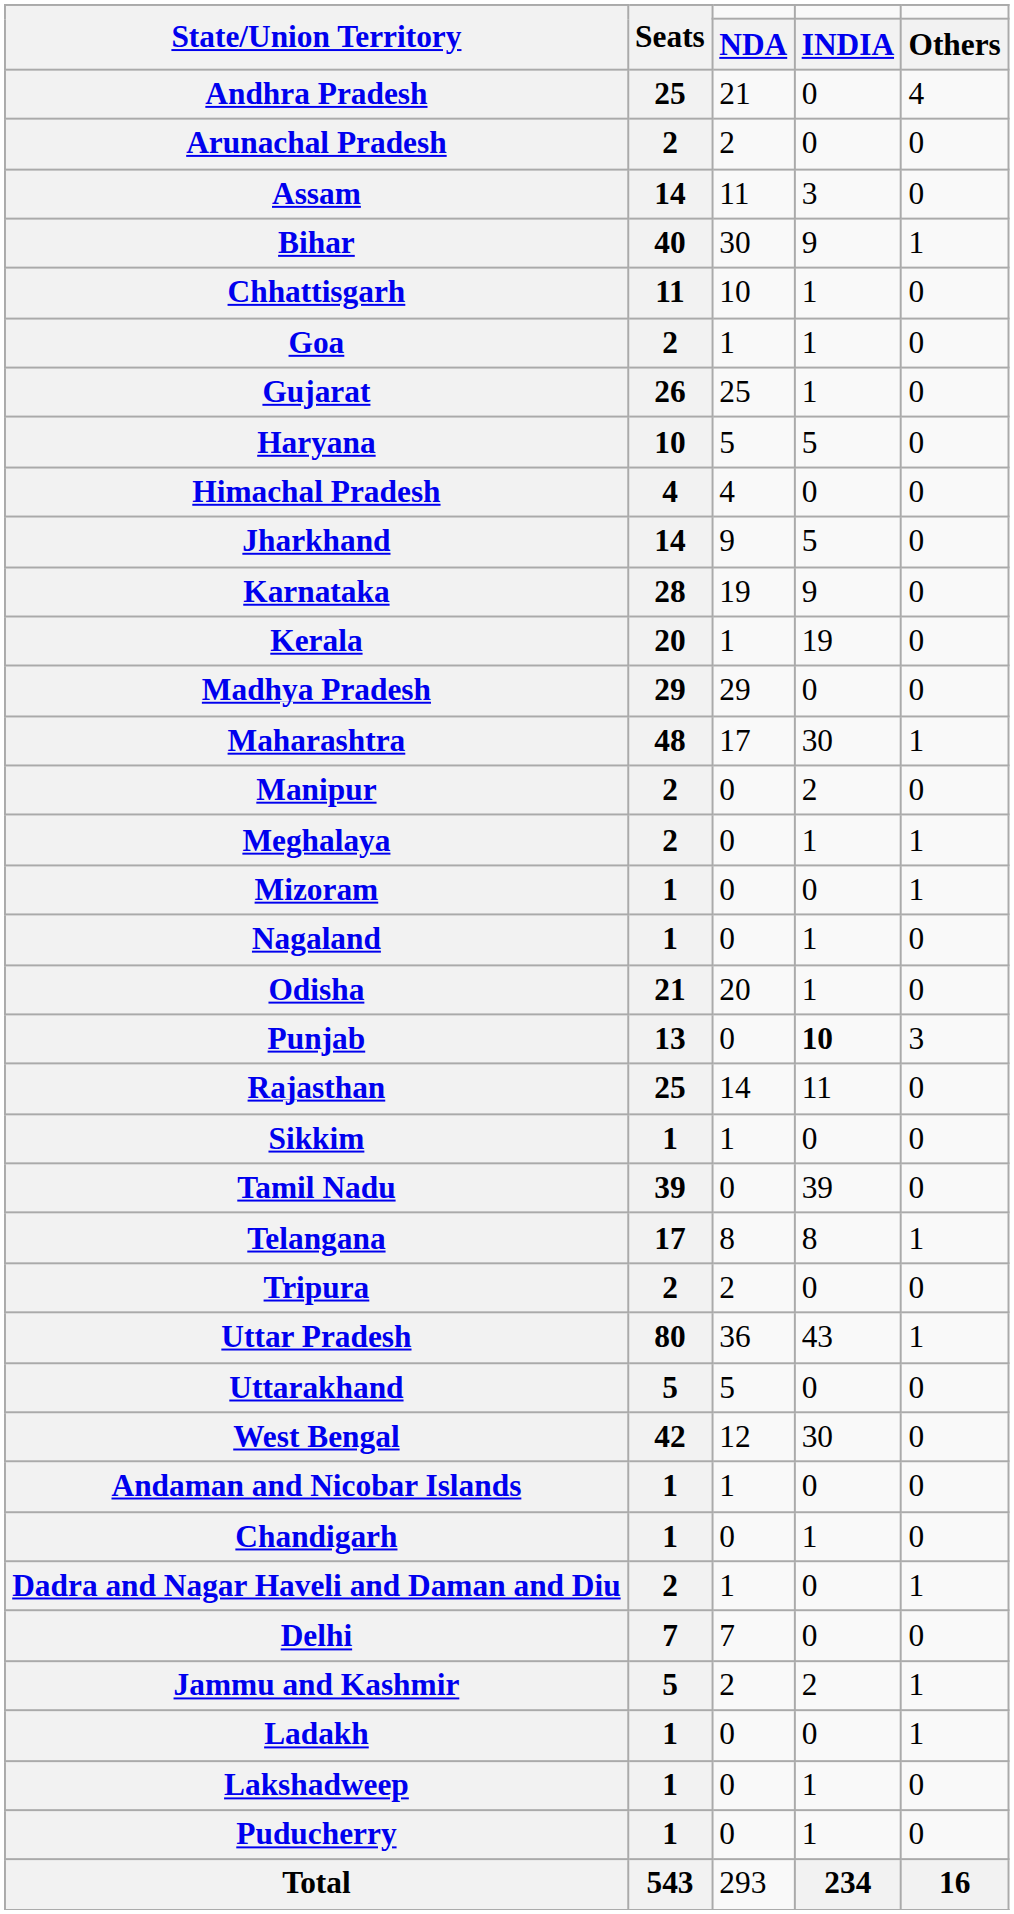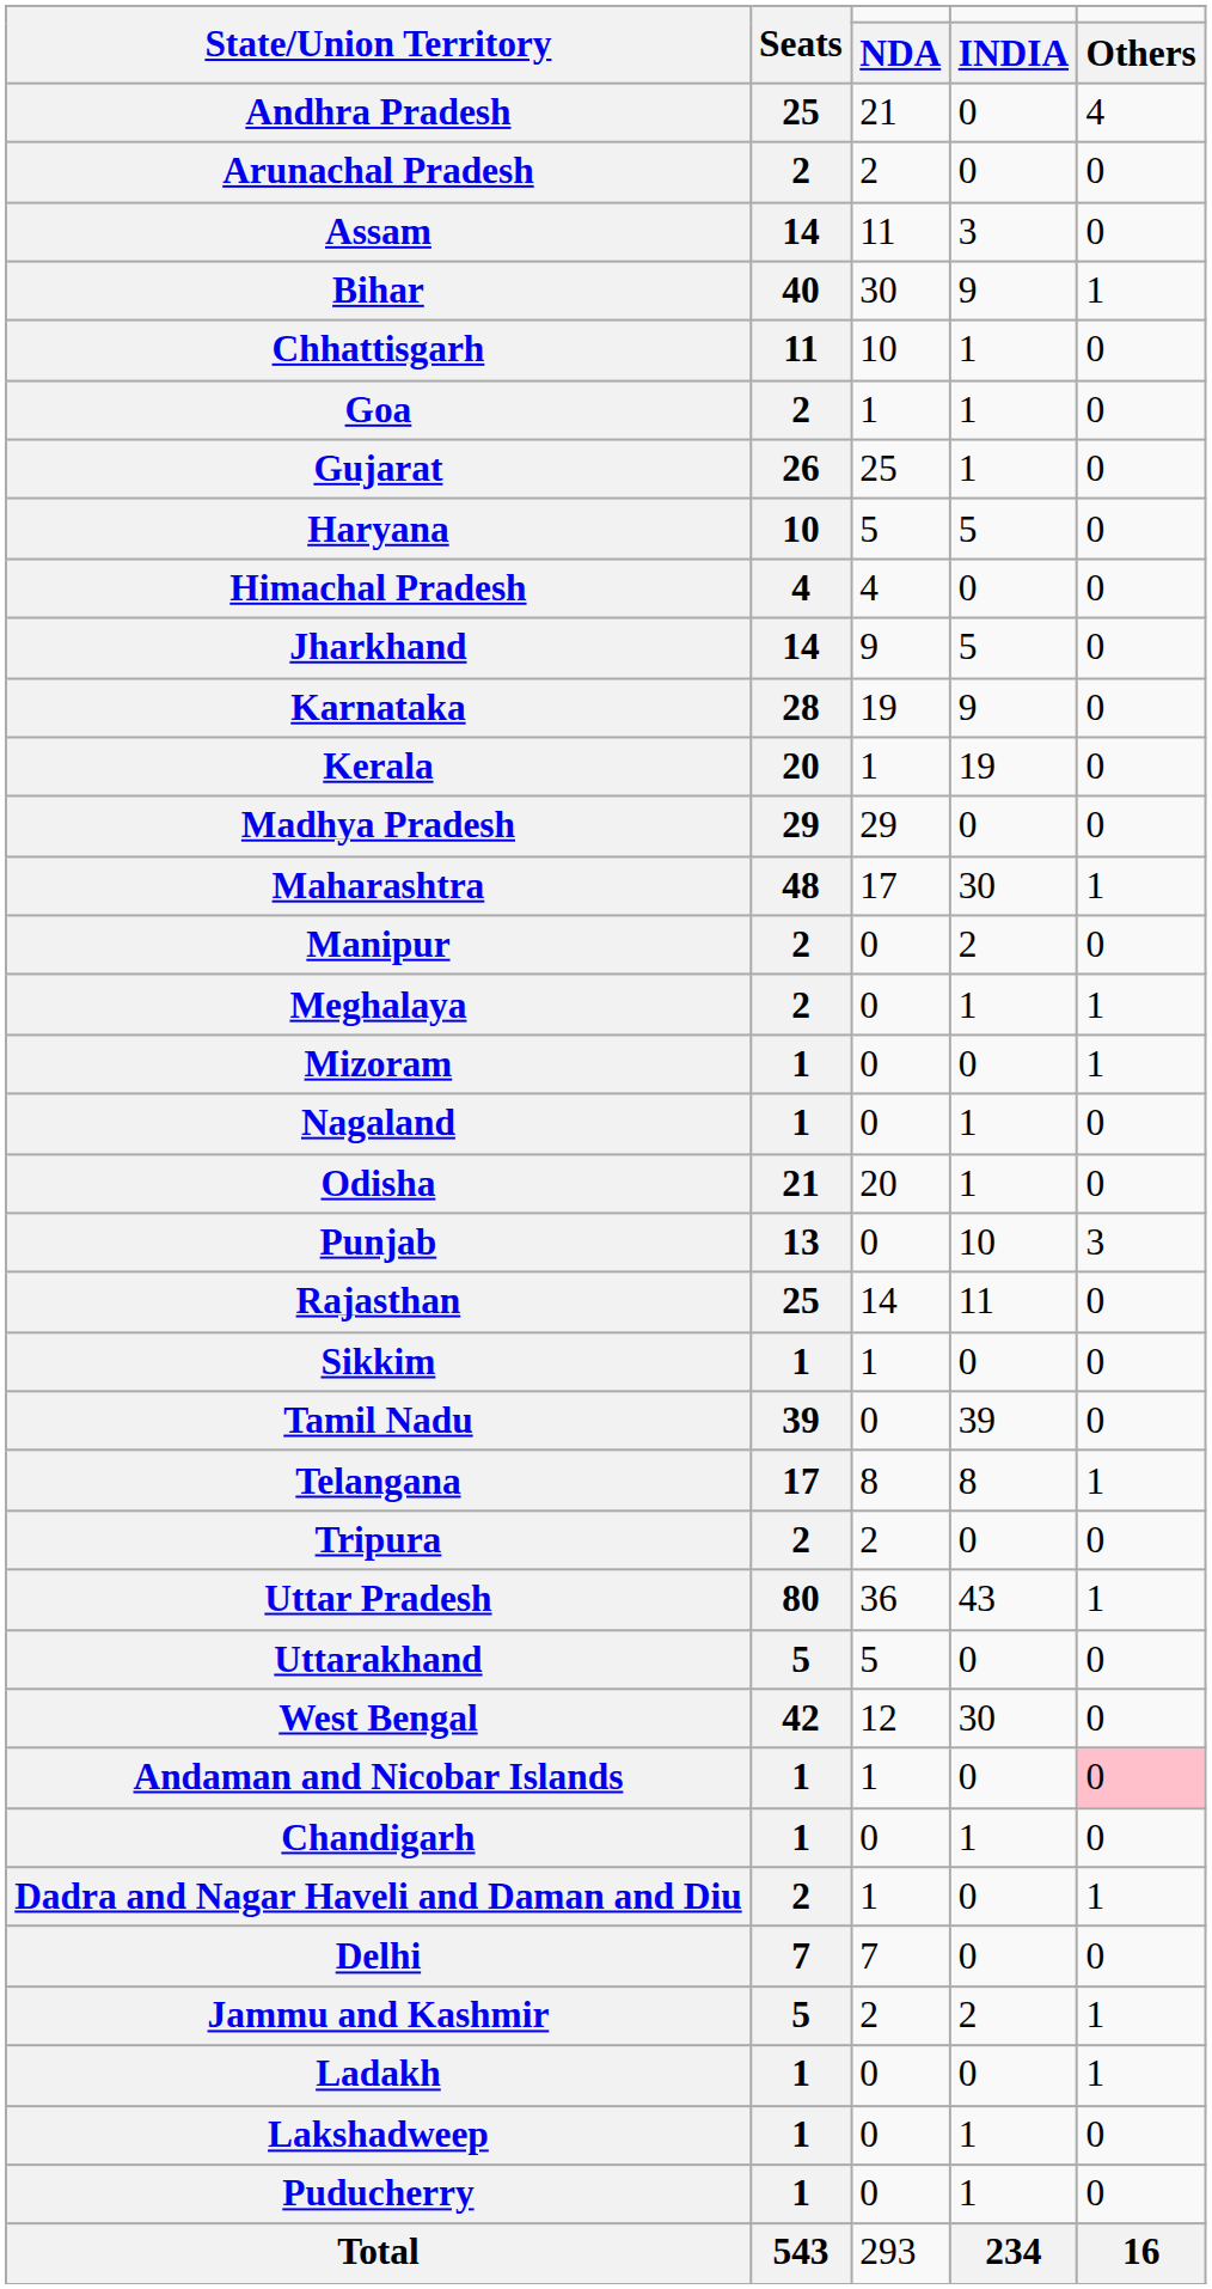 <table class="wikitable defaultcenter col1left" style="font-size: 100%">
 <tr>
 <th rowspan="2"><a href='#'>State/Union Territory</a></th>
 <th rowspan="2">Seats</th>
 <td></td>
 <td></td>
 <td></td>
 </tr>
 <tr>
 <th><a href='#'>NDA</a></th>
 <th><a href='#'>INDIA</a></th>
 <th>Others</th>
 </tr>
 <tr>
 <th><a href='#'>Andhra Pradesh</a></th>
 <th>25</th>
 <td style="background:">21</td>
 <td>0</td>
 <td>4</td>
 </tr>
 <tr>
 <th><a href='#'>Arunachal Pradesh</a></th>
 <th>2</th>
 <td style="background:">2</td>
 <td>0</td>
 <td>0</td>
 </tr>
 <tr>
 <th><a href='#'>Assam</a></th>
 <th>14</th>
 <td style="background:">11</td>
 <td>3</td>
 <td>0</td>
 </tr>
 <tr>
 <th><a href='#'>Bihar</a></th>
 <th>40</th>
 <td style="background:">30</td>
 <td>9</td>
 <td>1</td>
 </tr>
 <tr>
 <th><a href='#'>Chhattisgarh</a></th>
 <th>11</th>
 <td style="background:">10</td>
 <td>1</td>
 <td>0</td>
 </tr>
 <tr>
 <th><a href='#'>Goa</a></th>
 <th>2</th>
 <td>1</td>
 <td>1</td>
 <td>0</td>
 </tr>
 <tr>
 <th><a href='#'>Gujarat</a></th>
 <th>26</th>
 <td style="background:">25</td>
 <td>1</td>
 <td>0</td>
 </tr>
 <tr>
 <th><a href='#'>Haryana</a></th>
 <th>10</th>
 <td>5</td>
 <td>5</td>
 <td>0</td>
 </tr>
 <tr>
 <th><a href='#'>Himachal Pradesh</a></th>
 <th>4</th>
 <td style="background:">4</td>
 <td>0</td>
 <td>0</td>
 </tr>
 <tr>
 <th><a href='#'>Jharkhand</a></th>
 <th>14</th>
 <td style="background:">9</td>
 <td>5</td>
 <td>0</td>
 </tr>
 <tr>
 <th><a href='#'>Karnataka</a></th>
 <th>28</th>
 <td style="background:">19</td>
 <td>9</td>
 <td>0</td>
 </tr>
 <tr>
 <th><a href='#'>Kerala</a></th>
 <th>20</th>
 <td>1</td>
 <td style="background:">19</td>
 <td>0</td>
 </tr>
 <tr>
 <th><a href='#'>Madhya Pradesh</a></th>
 <th>29</th>
 <td style="background:">29</td>
 <td>0</td>
 <td>0</td>
 </tr>
 <tr>
 <th><a href='#'>Maharashtra</a></th>
 <th>48</th>
 <td>17</td>
 <td style="background:">30</td>
 <td>1</td>
 </tr>
 <tr>
 <th><a href='#'>Manipur</a></th>
 <th>2</th>
 <td>0</td>
 <td style="background:">2</td>
 <td>0</td>
 </tr>
 <tr>
 <th><a href='#'>Meghalaya</a></th>
 <th>2</th>
 <td>0</td>
 <td>1</td>
 <td>1</td>
 </tr>
 <tr>
 <th><a href='#'>Mizoram</a></th>
 <th>1</th>
 <td>0</td>
 <td>0</td>
 <td style="background:">1</td>
 </tr>
 <tr>
 <th><a href='#'>Nagaland</a></th>
 <th>1</th>
 <td>0</td>
 <td style="background:">1</td>
 <td>0</td>
 </tr>
 <tr>
 <th><a href='#'>Odisha</a></th>
 <th>21</th>
 <td style="background:">20</td>
 <td>1</td>
 <td>0</td>
 </tr>
 <tr>
 <th><a href='#'>Punjab</a></th>
 <th>13</th>
 <td>0</td>
-<td style="background:"><strong>10</strong></td>
+<td style="background:">10</td>
 <td>3</td>
 </tr>
 <tr>
 <th><a href='#'>Rajasthan</a></th>
 <th>25</th>
 <td style="background:">14</td>
 <td>11</td>
 <td>0</td>
 </tr>
 <tr>
 <th><a href='#'>Sikkim</a></th>
 <th>1</th>
 <td style="background:">1</td>
 <td>0</td>
 <td>0</td>
 </tr>
 <tr>
 <th><a href='#'>Tamil Nadu</a></th>
 <th>39</th>
 <td>0</td>
 <td style="background:">39</td>
 <td>0</td>
 </tr>
 <tr>
 <th><a href='#'>Telangana</a></th>
 <th>17</th>
 <td>8</td>
 <td>8</td>
 <td>1</td>
 </tr>
 <tr>
 <th><a href='#'>Tripura</a></th>
 <th>2</th>
 <td style="background:">2</td>
 <td>0</td>
 <td>0</td>
 </tr>
 <tr>
 <th><a href='#'>Uttar Pradesh</a></th>
 <th>80</th>
 <td>36</td>
 <td style="background:">43</td>
 <td>1</td>
 </tr>
 <tr>
 <th><a href='#'>Uttarakhand</a></th>
 <th>5</th>
 <td style="background:">5</td>
 <td>0</td>
 <td>0</td>
 </tr>
 <tr>
 <th><a href='#'>West Bengal</a></th>
 <th>42</th>
 <td>12</td>
 <td style="background:">30</td>
 <td>0</td>
 </tr>
 <tr>
 <th><a href='#'>Andaman and Nicobar Islands</a></th>
 <th>1</th>
 <td style="background:">1</td>
 <td>0</td>
-<td>0</td>
+<td style="background: pink;">0</td>
 </tr>
 <tr>
 <th><a href='#'>Chandigarh</a></th>
 <th>1</th>
 <td>0</td>
 <td style="background:">1</td>
 <td>0</td>
 </tr>
 <tr>
 <th><a href='#'>Dadra and Nagar Haveli and Daman and Diu</a></th>
 <th>2</th>
 <td>1</td>
 <td>0</td>
 <td>1</td>
 </tr>
 <tr>
 <th><a href='#'>Delhi</a></th>
 <th>7</th>
 <td style="background:">7</td>
 <td>0</td>
 <td>0</td>
 </tr>
 <tr>
 <th><a href='#'>Jammu and Kashmir</a></th>
 <th>5</th>
 <td>2</td>
 <td>2</td>
 <td>1</td>
 </tr>
 <tr>
 <th><a href='#'>Ladakh</a></th>
 <th>1</th>
 <td>0</td>
 <td>0</td>
 <td style="background:">1</td>
 </tr>
 <tr>
 <th><a href='#'>Lakshadweep</a></th>
 <th>1</th>
 <td>0</td>
 <td style="background:">1</td>
 <td>0</td>
 </tr>
 <tr>
 <th><a href='#'>Puducherry</a></th>
 <th>1</th>
 <td>0</td>
 <td style="background:">1</td>
 <td>0</td>
 </tr>
 <tr>
 <th>Total</th>
 <th>543</th>
 <td style="background:">293</td>
 <th>234</th>
 <th>16</th>
 </tr>
 <tr>
 </tr>
 </table>
